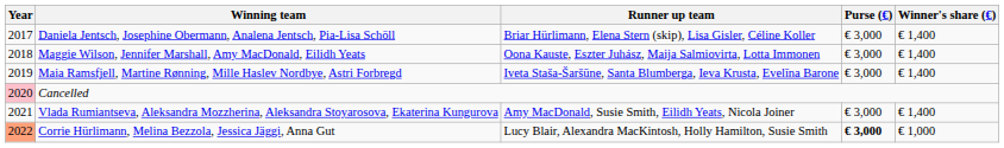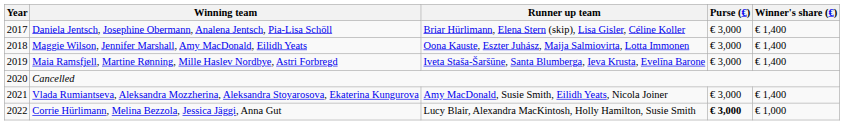 <table class="wikitable">
 <tr>
 <th scope="col">Year</th>
 <th scope="col">Winning team</th>
 <th scope="col">Runner up team</th>
 <th scope="col">Purse (<a href='#'>€</a>)</th>
 <th scope="col">Winner's share (<a href='#'>€</a>)</th>
 </tr>
 <tr>
 <td>2017</td>
 <td> <a href='#'>Daniela Jentsch</a>, <a href='#'>Josephine Obermann</a>, <a href='#'>Analena Jentsch</a>, <a href='#'>Pia-Lisa Schöll</a></td>
 <td> <a href='#'>Briar Hürlimann</a>, <a href='#'>Elena Stern</a> (skip), <a href='#'>Lisa Gisler</a>, <a href='#'>Céline Koller</a></td>
 <td>€ 3,000</td>
 <td>€ 1,400</td>
 </tr>
 <tr>
 <td>2018</td>
 <td> <a href='#'>Maggie Wilson</a>, <a href='#'>Jennifer Marshall</a>, <a href='#'>Amy MacDonald</a>, <a href='#'>Eilidh Yeats</a></td>
 <td> <a href='#'>Oona Kauste</a>, <a href='#'>Eszter Juhász</a>, <a href='#'>Maija Salmiovirta</a>, <a href='#'>Lotta Immonen</a></td>
 <td>€ 3,000</td>
 <td>€ 1,400</td>
 </tr>
 <tr>
 <td>2019</td>
 <td> <a href='#'>Maia Ramsfjell</a>, <a href='#'>Martine Rønning</a>, <a href='#'>Mille Haslev Nordbye</a>, <a href='#'>Astri Forbregd</a></td>
 <td> <a href='#'>Iveta Staša-Šaršūne</a>, <a href='#'>Santa Blumberga</a>, <a href='#'>Ieva Krusta</a>, <a href='#'>Evelīna Barone</a></td>
 <td>€ 3,000</td>
 <td>€ 1,400</td>
 </tr>
 <tr>
-<td style="background: pink;">2020</td>
+<td>2020</td>
 <td colspan="4"><em>Cancelled</em> </td>
 </tr>
 <tr>
 <td>2021</td>
 <td> <a href='#'>Vlada Rumiantseva</a>, <a href='#'>Aleksandra Mozzherina</a>, <a href='#'>Aleksandra Stoyarosova</a>, <a href='#'>Ekaterina Kungurova</a></td>
 <td> <a href='#'>Amy MacDonald</a>, Susie Smith, <a href='#'>Eilidh Yeats</a>, Nicola Joiner</td>
 <td>€ 3,000</td>
 <td>€ 1,400</td>
 </tr>
 <tr>
-<td style="background: lightsalmon;">2022</td>
+<td>2022</td>
 <td> <a href='#'>Corrie Hürlimann</a>, <a href='#'>Melina Bezzola</a>, <a href='#'>Jessica Jäggi</a>, Anna Gut</td>
 <td> Lucy Blair, Alexandra MacKintosh, Holly Hamilton, Susie Smith</td>
 <td><strong>€ 3,000</strong></td>
 <td>€ 1,000</td>
 </tr>
 </table>
